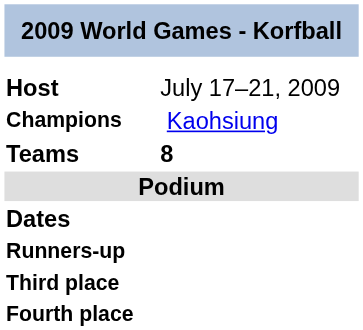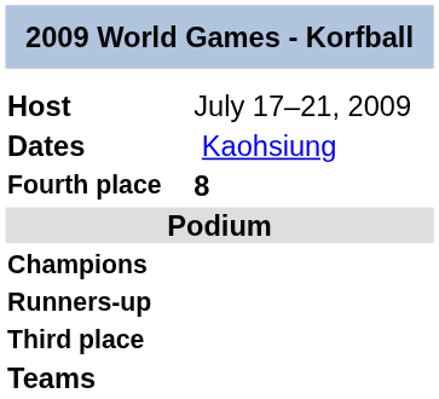 <table class="toccolours" style="float: right; margin: 0 0 1em 1em; font-size: 90%;" width=220px>
 <tr>
 <td colspan="2" style="background: #B0C4DE; text-align: center;" height=30px><strong>2009 World Games - Korfball</strong></td>
 </tr>
 <tr>
 <td colspan="2" style="text-align: center;"></td>
 </tr>
 <tr style="vertical-align:top;">
 <td colspan=2></td>
 </tr>
 <tr style="vertical-align:top;">
 <td><strong>Host</strong></td>
 <td>July 17–21, 2009</td>
 </tr>
 <tr style="vertical-align:top;">
-<td style=font-size:90% width=90> <strong>Champions</strong></td>
+<td><strong>Dates</strong></td>
 <td> <a href='#'>Kaohsiung</a></td>
 </tr>
 <tr style="vertical-align:top;">
-<td width=90><strong>Teams</strong></td>
+<td style=font-size:90% width=90><strong>Fourth place</strong></td>
 <td><strong>8</strong></td>
 </tr>
 <tr>
 <td colspan="2" style="background: #dedede; text-align: center;"><strong>Podium</strong></td>
 </tr>
 <tr style="vertical-align:top;">
-<td><strong>Dates</strong></td>
+<td style=font-size:90% width=90> <strong>Champions</strong></td>
 <td></td>
 </tr>
 <tr>
 <td style=font-size:90% width=90> <strong>Runners-up</strong></td>
 <td></td>
 </tr>
 <tr>
 <td style=font-size:90% width=90> <strong>Third place</strong></td>
 <td></td>
 </tr>
 <tr>
-<td style=font-size:90% width=90><strong>Fourth place</strong></td>
+<td width=90><strong>Teams</strong></td>
 <td></td>
 </tr>
 </table>
